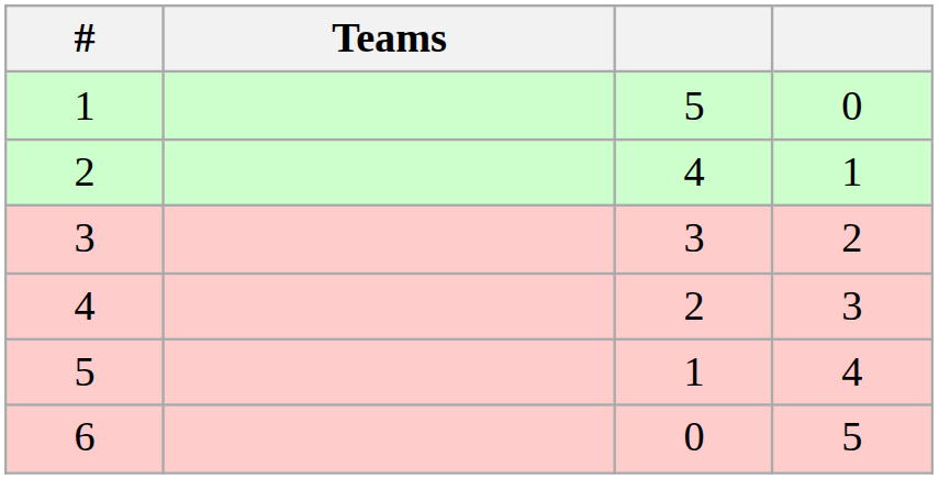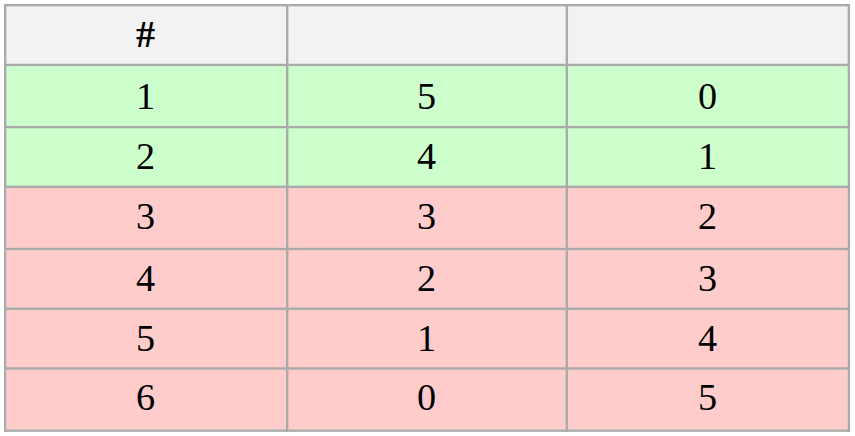 <table class="wikitable" width="40%" style="text-align:center;">
 <tr>
 <th width="7%">#</th>
-<th width="20%">Teams</th>
 <th width="7%"></th>
 <th width="7%"></th>
 </tr>
 <tr bgcolor="#cfc">
 <td>1</td>
-<td align="left"></td>
 <td>5</td>
 <td>0</td>
 </tr>
 <tr bgcolor="#cfc">
 <td>2</td>
-<td align="left"></td>
 <td>4</td>
 <td>1</td>
 </tr>
 <tr bgcolor=#fcc>
 <td>3</td>
-<td align="left"></td>
 <td>3</td>
 <td>2</td>
 </tr>
 <tr bgcolor=#fcc>
 <td>4</td>
-<td align="left"></td>
 <td>2</td>
 <td>3</td>
 </tr>
 <tr bgcolor=#fcc>
 <td>5</td>
-<td align="left"></td>
 <td>1</td>
 <td>4</td>
 </tr>
 <tr bgcolor=#fcc>
 <td>6</td>
-<td align="left"></td>
 <td>0</td>
 <td>5</td>
 </tr>
 </table>
